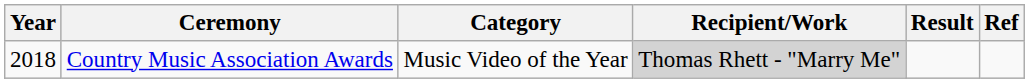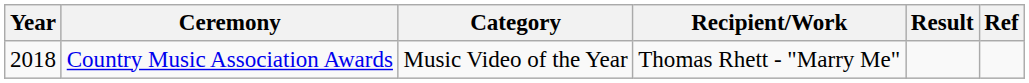 <table class="wikitable">
 <tr>
 <th>Year</th>
 <th>Ceremony</th>
 <th>Category</th>
 <th>Recipient/Work</th>
 <th>Result</th>
 <th>Ref</th>
 </tr>
 <tr>
 <td rowspan="2">2018</td>
 <td rowspan="2"><a href='#'>Country Music Association Awards</a></td>
 <td>Music Video of the Year</td>
-<td Thomas Rhett - "Marry Me" style="background: lightgrey;">Thomas Rhett - "Marry Me"</td>
+<td Thomas Rhett - "Marry Me">Thomas Rhett - "Marry Me"</td>
 <td></td>
 <td rowspan="2"></td>
 </tr>
 </table>
